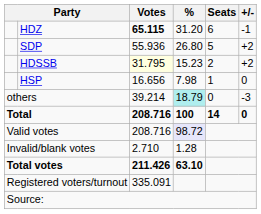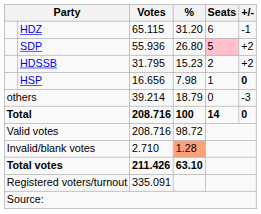 <table class="wikitable" style="text-align: left;">
 <tr>
 <th colspan="2">Party</th>
 <th>Votes</th>
 <th>%</th>
 <th>Seats</th>
 <th>+/-</th>
 </tr>
 <tr>
 <td style="background-color: "></td>
 <td><a href='#'>HDZ</a></td>
-<td><strong>65.115</strong></td>
+<td>65.115</td>
 <td>31.20</td>
 <td>6</td>
 <td>-1</td>
 </tr>
 <tr>
 <td style="background-color: "></td>
 <td><a href='#'>SDP</a></td>
 <td>55.936</td>
 <td>26.80</td>
-<td>5</td>
+<td style="background: pink;">5</td>
 <td>+2</td>
 </tr>
 <tr>
 <td style="background-color: "></td>
 <td><a href='#'>HDSSB</a></td>
-<td style="background: lightyellow;">31.795</td>
+<td>31.795</td>
 <td>15.23</td>
 <td>2</td>
 <td>+2</td>
 </tr>
 <tr>
 <td style="background-color: "></td>
 <td><a href='#'>HSP</a></td>
 <td>16.656</td>
 <td>7.98</td>
 <td>1</td>
-<td>0</td>
+<td><strong>0</strong></td>
 </tr>
 <tr>
 <td colspan="2">others</td>
 <td>39.214</td>
-<td style="background: paleturquoise;">18.79</td>
+<td>18.79</td>
 <td>0</td>
 <td>-3</td>
 </tr>
 <tr>
 <td colspan="2"><strong>Total</strong></td>
 <td><strong>208.716</strong></td>
 <td><strong>100</strong></td>
 <td><strong>14</strong></td>
 <td><strong>0</strong></td>
 </tr>
 <tr>
 <td colspan="2">Valid votes</td>
 <td>208.716</td>
-<td style="background: lavender;">98.72</td>
+<td>98.72</td>
 <td colspan="2"></td>
 </tr>
 <tr>
 <td colspan="2">Invalid/blank votes</td>
 <td>2.710</td>
-<td>1.28</td>
+<td style="background: lightsalmon;">1.28</td>
 <td colspan="2"></td>
 </tr>
 <tr>
 <td colspan="2"><strong>Total votes</strong></td>
 <td><strong>211.426</strong></td>
 <td><strong>63.10</strong></td>
 <td colspan="2"></td>
 </tr>
 <tr>
 <td colspan="2">Registered voters/turnout</td>
 <td votes14="5343">335.091</td>
 <td></td>
 <td colspan="2"></td>
 </tr>
 <tr>
 <td colspan="6">Source: </td>
 </tr>
 </table>
